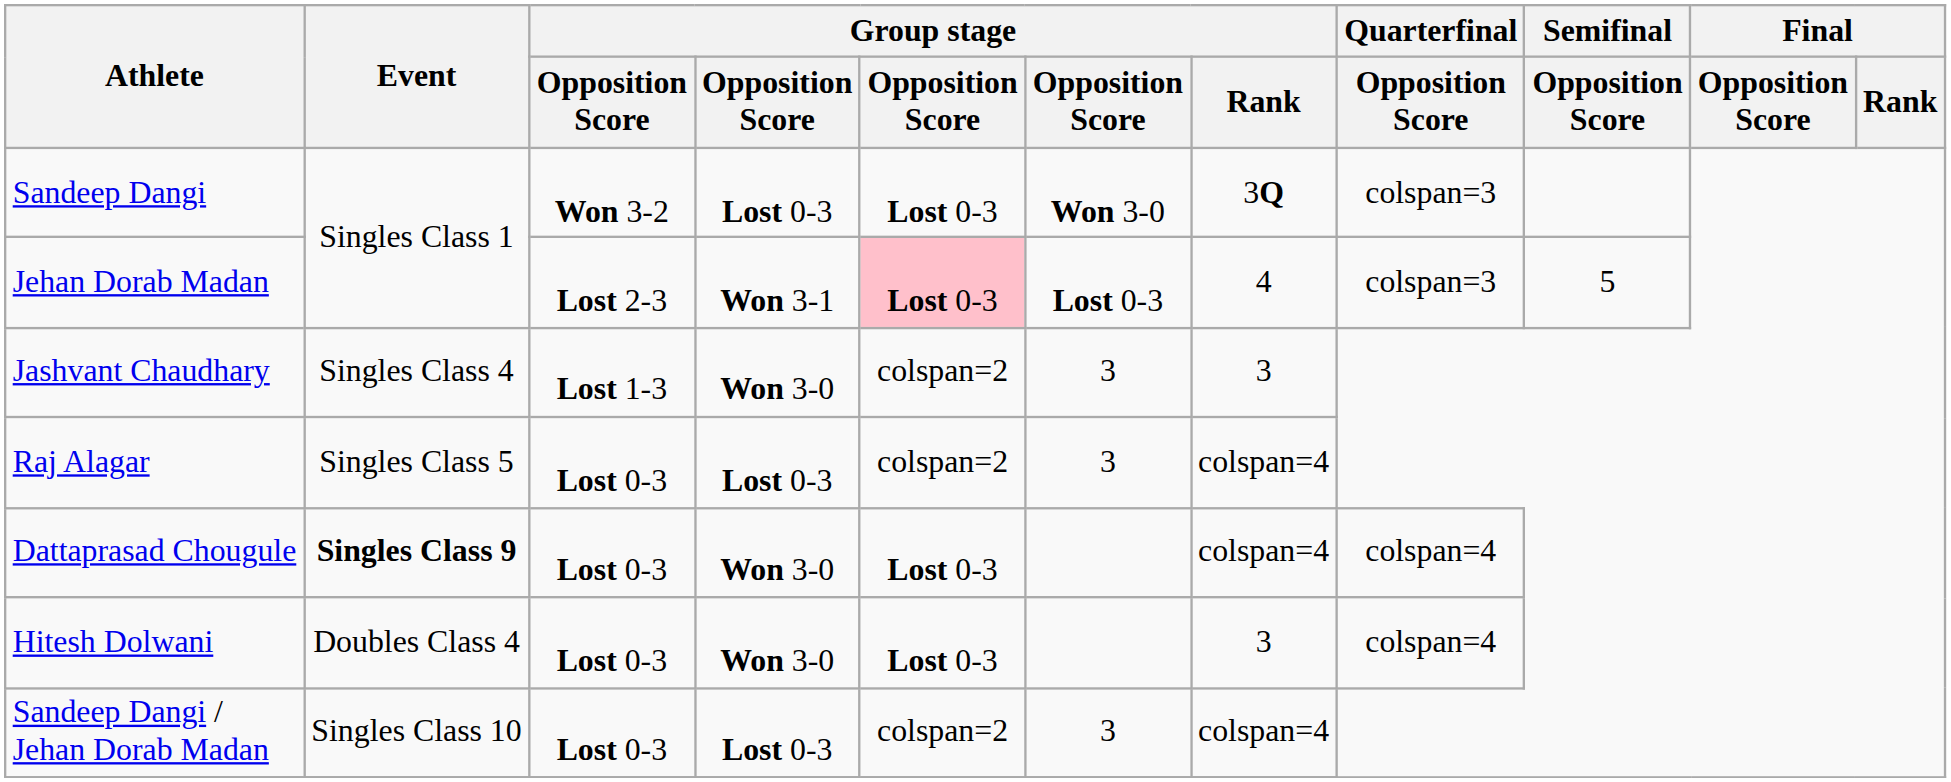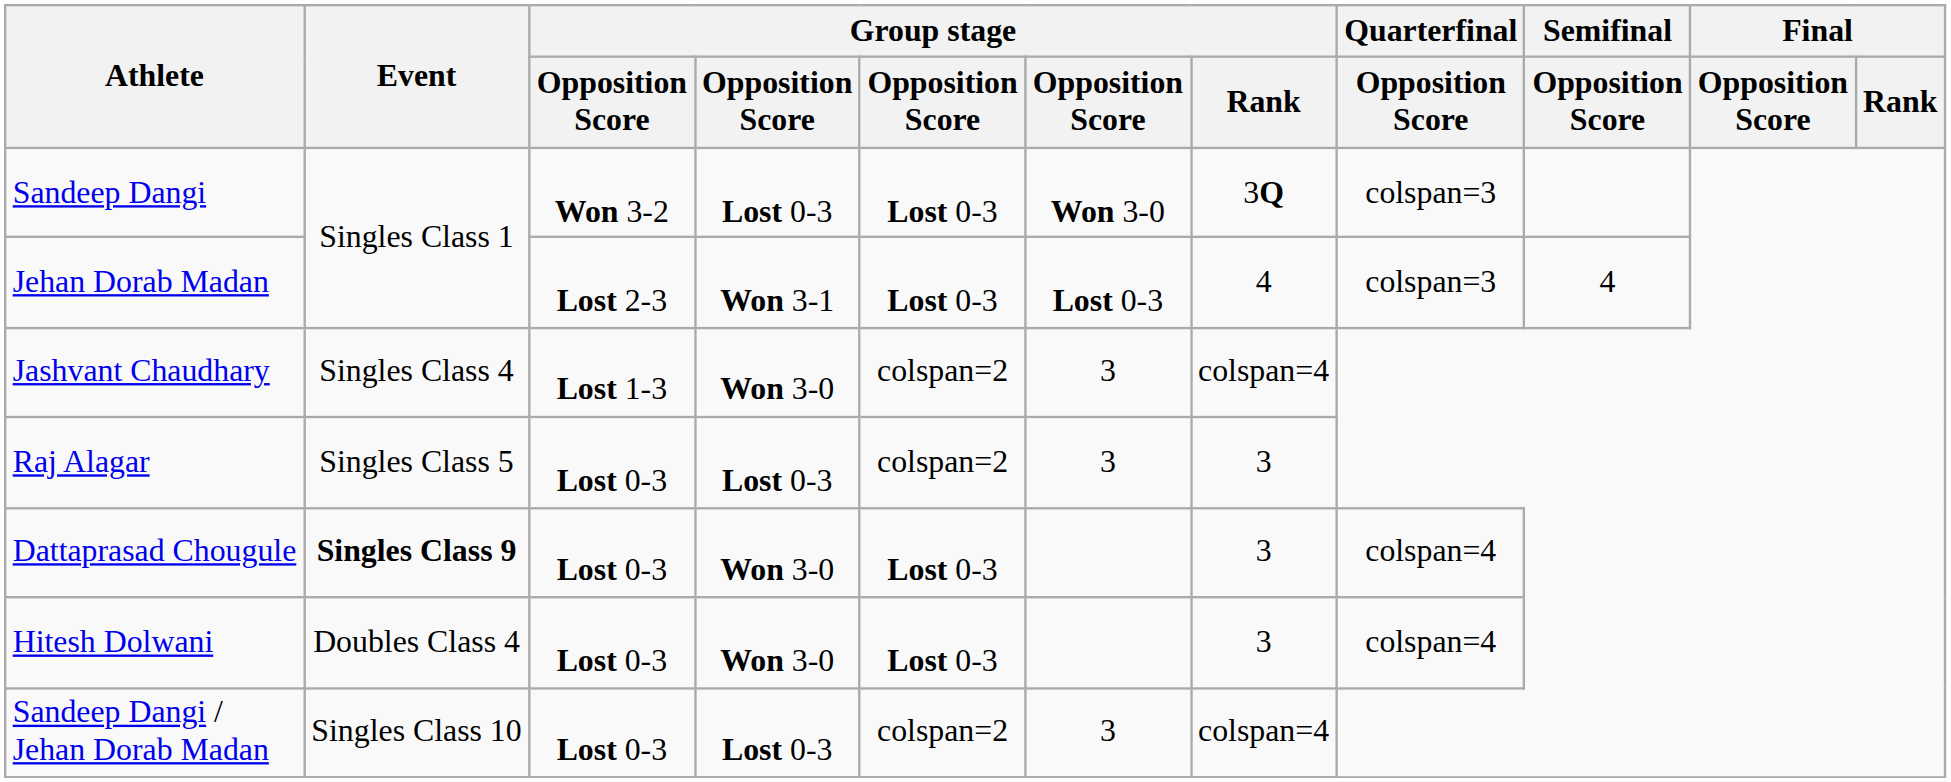 <table class="wikitable" style="text-align:center; font-size:85%">
 <tr>
 <th rowspan="2">Athlete</th>
 <th rowspan="2">Event</th>
 <th colspan="5">Group stage</th>
 <th>Quarterfinal</th>
 <th>Semifinal</th>
 <th colspan="2">Final</th>
 </tr>
 <tr>
 <th>Opposition<br>Score</th>
 <th>Opposition<br>Score</th>
 <th>Opposition<br>Score</th>
 <th>Opposition<br>Score</th>
 <th>Rank</th>
 <th>Opposition<br>Score</th>
 <th>Opposition<br>Score</th>
 <th>Opposition<br>Score</th>
 <th>Rank</th>
 </tr>
 <tr>
 <td align="left"><a href='#'>Sandeep Dangi</a></td>
 <td rowspan=2>Singles Class 1</td>
 <td><br><strong>Won</strong> 3-2</td>
 <td><br><strong>Lost</strong> 0-3</td>
 <td><br><strong>Lost</strong> 0-3</td>
 <td><br><strong>Won</strong> 3-0</td>
 <td>3<strong>Q</strong></td>
 <td>colspan=3 </td>
 <td></td>
 </tr>
 <tr>
 <td align="left"><a href='#'>Jehan Dorab Madan</a></td>
 <td><br><strong>Lost</strong> 2-3</td>
 <td><br><strong>Won</strong> 3-1</td>
-<td style="background: pink;"><br><strong>Lost</strong> 0-3</td>
+<td><br><strong>Lost</strong> 0-3</td>
 <td><br><strong>Lost</strong> 0-3</td>
 <td>4</td>
 <td>colspan=3 </td>
-<td>5</td>
+<td>4</td>
 </tr>
 <tr>
 <td align="left"><a href='#'>Jashvant Chaudhary</a></td>
 <td>Singles Class 4</td>
 <td><br><strong>Lost</strong> 1-3</td>
 <td><br><strong>Won</strong> 3-0</td>
 <td>colspan=2 </td>
 <td>3</td>
-<td>3</td>
+<td>colspan=4 </td>
 </tr>
 <tr>
 <td align="left"><a href='#'>Raj Alagar</a></td>
 <td>Singles Class 5</td>
 <td><br><strong>Lost</strong> 0-3</td>
 <td><br><strong>Lost</strong> 0-3</td>
 <td>colspan=2 </td>
 <td>3</td>
-<td>colspan=4 </td>
+<td>3</td>
 </tr>
 <tr>
 <td align="left"><a href='#'>Dattaprasad Chougule</a></td>
 <td><strong>Singles Class 9</strong></td>
 <td><br><strong>Lost</strong> 0-3</td>
 <td><br><strong>Won</strong> 3-0</td>
 <td><br><strong>Lost</strong> 0-3</td>
 <td></td>
-<td>colspan=4 </td>
+<td>3</td>
 <td>colspan=4 </td>
 </tr>
 <tr>
 <td align="left"><a href='#'>Hitesh Dolwani</a></td>
 <td>Doubles Class 4</td>
 <td><br><strong>Lost</strong> 0-3</td>
 <td><br><strong>Won</strong> 3-0</td>
 <td><br><strong>Lost</strong> 0-3</td>
 <td></td>
 <td>3</td>
 <td>colspan=4 </td>
 </tr>
 <tr>
 <td align="left"><a href='#'>Sandeep Dangi</a> /<br> <a href='#'>Jehan Dorab Madan</a></td>
 <td>Singles Class 10</td>
 <td><br><strong>Lost</strong> 0-3</td>
 <td><br><strong>Lost</strong> 0-3</td>
 <td>colspan=2 </td>
 <td>3</td>
 <td>colspan=4 </td>
 </tr>
 <tr>
 </tr>
 </table>
